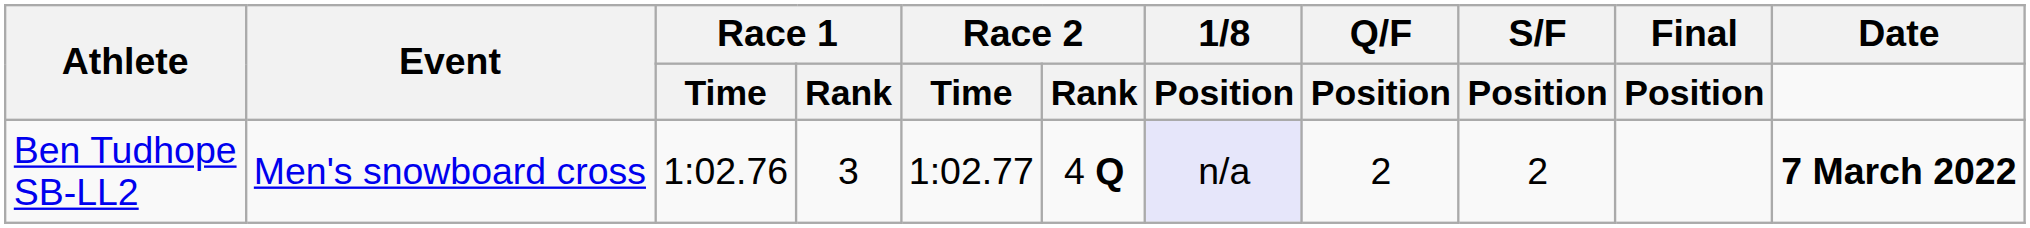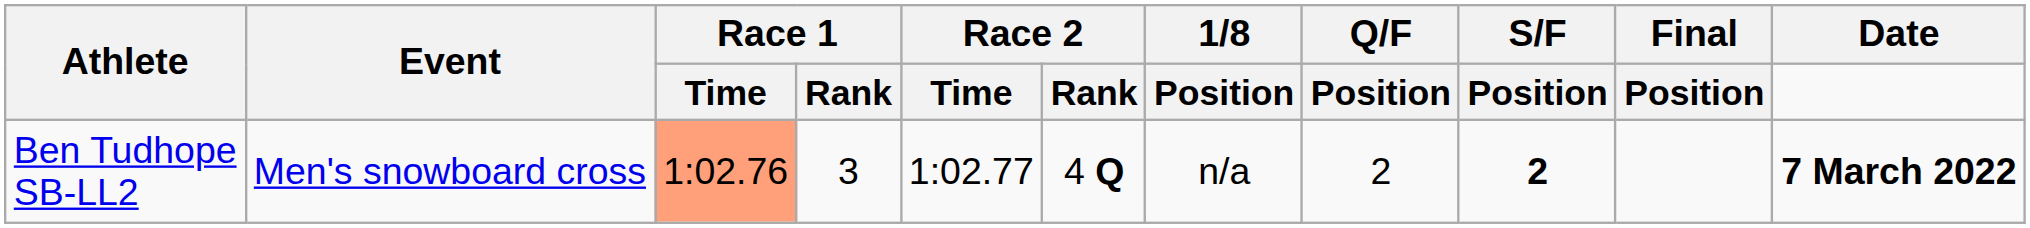 <table class="wikitable">
 <tr>
 <th rowspan="2">Athlete</th>
 <th rowspan="2">Event</th>
 <th colspan=2>Race 1</th>
 <th colspan=2>Race 2</th>
 <th>1/8</th>
 <th>Q/F</th>
 <th>S/F</th>
 <th>Final</th>
 <th>Date</th>
 </tr>
 <tr style="font-size:95%">
 <th>Time</th>
 <th>Rank</th>
 <th>Time</th>
 <th>Rank</th>
 <th>Position</th>
 <th>Position</th>
 <th>Position</th>
 <th>Position</th>
 <td></td>
 </tr>
 <tr style="text-align:center;">
 <td style="text-align:left;" rowspan="2"><a href='#'>Ben Tudhope</a>  <br> <a href='#'>SB-LL2</a></td>
 <td style="text-align:left;" rowspan="3"><a href='#'>Men's snowboard cross</a></td>
-<td>1:02.76</td>
+<td style="background: lightsalmon;">1:02.76</td>
 <td>3</td>
 <td>1:02.77</td>
 <td>4 <strong>Q</strong></td>
-<td style="background: lavender;">n/a</td>
+<td>n/a</td>
 <td>2</td>
-<td>2</td>
+<td><strong>2</strong></td>
 <td></td>
 <td><strong>7 March 2022</strong></td>
 </tr>
 </table>
